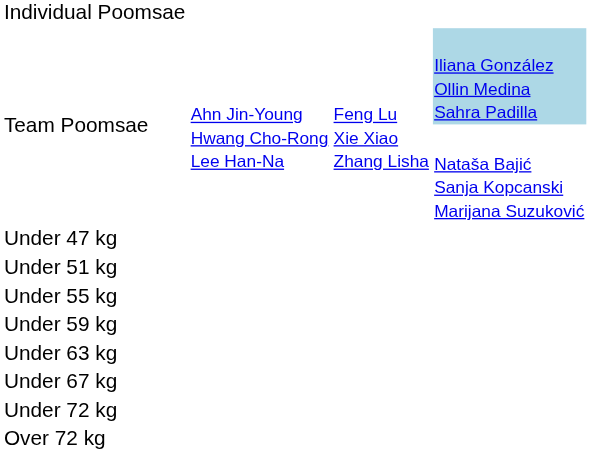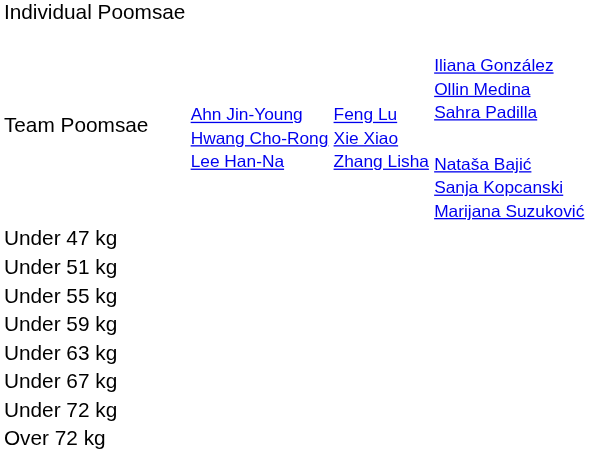 <table>
 <tr>
 <td rowspan=2>Individual Poomsae</td>
 <td rowspan=2></td>
 <td rowspan=2></td>
 <td></td>
 </tr>
 <tr>
 <td></td>
 </tr>
 <tr>
 <td rowspan=2>Team Poomsae</td>
 <td rowspan=2><br><small><a href='#'>Ahn Jin-Young</a><br><a href='#'>Hwang Cho-Rong</a><br><a href='#'>Lee Han-Na</a></small></td>
 <td rowspan=2><br><small><a href='#'>Feng Lu</a><br><a href='#'>Xie Xiao</a><br><a href='#'>Zhang Lisha</a></small></td>
-<td style="background: lightblue;"><br><small><a href='#'>Iliana González</a><br><a href='#'>Ollin Medina</a><br><a href='#'>Sahra Padilla</a></small></td>
+<td><br><small><a href='#'>Iliana González</a><br><a href='#'>Ollin Medina</a><br><a href='#'>Sahra Padilla</a></small></td>
 </tr>
 <tr>
 <td><br><small><a href='#'>Nataša Bajić</a><br><a href='#'>Sanja Kopcanski</a><br><a href='#'>Marijana Suzuković</a></small></td>
 </tr>
 <tr>
 <td rowspan=2>Under 47 kg</td>
 <td rowspan=2></td>
 <td rowspan=2></td>
 <td></td>
 </tr>
 <tr>
 <td></td>
 </tr>
 <tr>
 <td rowspan=2>Under 51 kg</td>
 <td rowspan=2></td>
 <td rowspan=2></td>
 <td></td>
 </tr>
 <tr>
 <td></td>
 </tr>
 <tr>
 <td rowspan=2>Under 55 kg</td>
 <td rowspan=2></td>
 <td rowspan=2></td>
 <td></td>
 </tr>
 <tr>
 <td></td>
 </tr>
 <tr>
 <td rowspan=2>Under 59 kg</td>
 <td rowspan=2></td>
 <td rowspan=2></td>
 <td></td>
 </tr>
 <tr>
 <td></td>
 </tr>
 <tr>
 <td rowspan=2>Under 63 kg</td>
 <td rowspan=2></td>
 <td rowspan=2></td>
 <td></td>
 </tr>
 <tr>
 <td></td>
 </tr>
 <tr>
 <td rowspan=2>Under 67 kg</td>
 <td rowspan=2></td>
 <td rowspan=2></td>
 <td></td>
 </tr>
 <tr>
 <td></td>
 </tr>
 <tr>
 <td rowspan=2>Under 72 kg</td>
 <td rowspan=2></td>
 <td rowspan=2></td>
 <td></td>
 </tr>
 <tr>
 <td></td>
 </tr>
 <tr>
 <td rowspan=2>Over 72 kg</td>
 <td rowspan=2></td>
 <td rowspan=2></td>
 <td></td>
 </tr>
 <tr>
 <td></td>
 </tr>
 </table>
